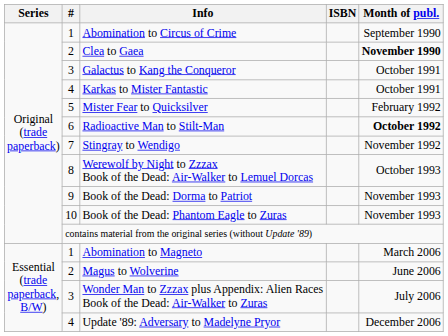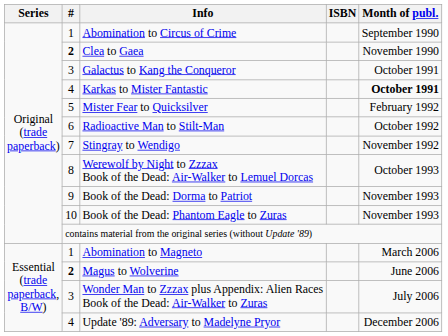 <table class="wikitable">
 <tr>
 <th width="60">Series</th>
 <th>#</th>
 <th>Info</th>
 <th>ISBN</th>
 <th>Month of <a href='#'>publ.</a></th>
 </tr>
 <tr align="center">
 <td rowspan="11">Original (<a href='#'>trade paperback</a>)</td>
 <td>1</td>
 <td align="left"><a href='#'>Abomination</a> to <a href='#'>Circus of Crime</a></td>
 <td></td>
 <td align="right">September 1990</td>
 </tr>
 <tr align="center">
-<td>2</td>
+<td><strong>2</strong></td>
 <td align="left"><a href='#'>Clea</a> to <a href='#'>Gaea</a></td>
 <td></td>
-<td align="right"><strong>November 1990</strong></td>
+<td align="right">November 1990</td>
 </tr>
 <tr align="center">
 <td>3</td>
 <td align="left"><a href='#'>Galactus</a> to <a href='#'>Kang the Conqueror</a></td>
 <td></td>
 <td align="right">October 1991</td>
 </tr>
 <tr align="center">
 <td>4</td>
 <td align="left"><a href='#'>Karkas</a> to <a href='#'>Mister Fantastic</a></td>
 <td></td>
-<td align="right">October 1991</td>
+<td align="right"><strong>October 1991</strong></td>
 </tr>
 <tr align="center">
 <td>5</td>
 <td align="left"><a href='#'>Mister Fear</a> to <a href='#'>Quicksilver</a></td>
 <td></td>
 <td align="right">February 1992</td>
 </tr>
 <tr align="center">
 <td>6</td>
 <td align="left"><a href='#'>Radioactive Man</a> to <a href='#'>Stilt-Man</a></td>
 <td></td>
-<td align="right"><strong>October 1992</strong></td>
+<td align="right">October 1992</td>
 </tr>
 <tr align="center">
 <td>7</td>
 <td align="left"><a href='#'>Stingray</a> to <a href='#'>Wendigo</a></td>
 <td></td>
 <td align="right">November 1992</td>
 </tr>
 <tr align="center">
 <td>8</td>
 <td align="left"><a href='#'>Werewolf by Night</a> to <a href='#'>Zzzax</a> <br>Book of the Dead: <a href='#'>Air-Walker</a> to <a href='#'>Lemuel Dorcas</a></td>
 <td></td>
 <td align="right">October 1993</td>
 </tr>
 <tr align="center">
 <td>9</td>
 <td align="left">Book of the Dead: <a href='#'>Dorma</a> to <a href='#'>Patriot</a></td>
 <td></td>
 <td align="right">November 1993</td>
 </tr>
 <tr align="center">
 <td>10</td>
 <td align="left">Book of the Dead: <a href='#'>Phantom Eagle</a> to <a href='#'>Zuras</a></td>
 <td></td>
 <td align="right">November 1993</td>
 </tr>
 <tr align="center">
 <td colspan="4" align="left"><small>contains material from the original series (without <em>Update '89</em>)</small></td>
 </tr>
 <tr align="center">
 <td rowspan="4">Essential (<a href='#'>trade paperback</a>, <a href='#'>B/W</a>)</td>
 <td>1</td>
 <td align="left"><a href='#'>Abomination</a> to <a href='#'>Magneto</a></td>
 <td></td>
 <td align="right">March 2006</td>
 </tr>
 <tr align="center">
-<td>2</td>
+<td><strong>2</strong></td>
 <td align="left"><a href='#'>Magus</a> to <a href='#'>Wolverine</a></td>
 <td></td>
 <td align="right">June 2006</td>
 </tr>
 <tr align="center">
 <td>3</td>
 <td align="left"><a href='#'>Wonder Man</a> to <a href='#'>Zzzax</a> plus Appendix: Alien Races<br>Book of the Dead: <a href='#'>Air-Walker</a> to <a href='#'>Zuras</a></td>
 <td></td>
 <td align="right">July 2006</td>
 </tr>
 <tr align="center">
 <td>4</td>
 <td align="left">Update '89: <a href='#'>Adversary</a> to <a href='#'>Madelyne Pryor</a></td>
 <td></td>
 <td align="right">December 2006</td>
 </tr>
 </table>
